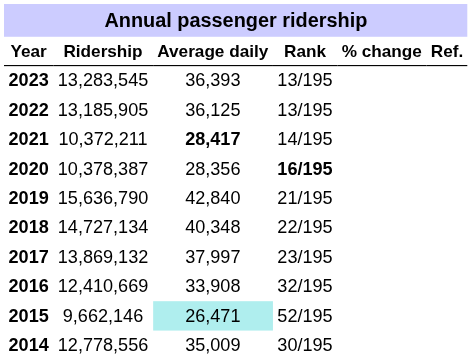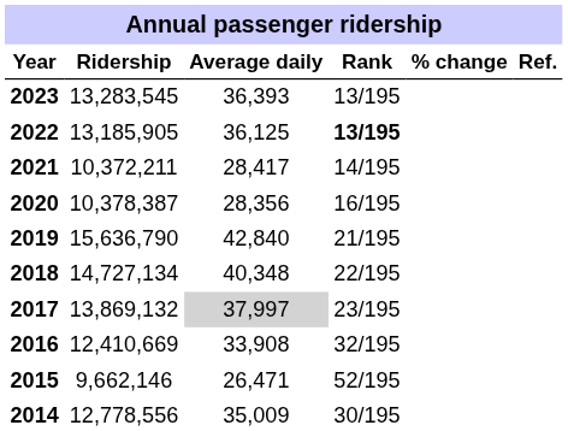 <table class="toccolours" cellpadding="4" cellspacing="0" style="text-align:right;">
 <tr>
 <th colspan="6"  style="background-color:#ccf; background-color:#ccf; font-size:110%; text-align:center;">Annual passenger ridership</th>
 </tr>
 <tr style="font-size:95%; text-align:center">
 <th style="border-bottom:1px solid black">Year</th>
 <th style="border-bottom:1px solid black">Ridership</th>
 <th style="border-bottom:1px solid black">Average daily</th>
 <th style="border-bottom:1px solid black">Rank</th>
 <th style="border-bottom:1px solid black">% change</th>
 <th style="border-bottom:1px solid black">Ref.</th>
 </tr>
 <tr style="text-align:center;">
 <td><strong>2023</strong></td>
 <td>13,283,545</td>
 <td>36,393</td>
 <td>13/195</td>
 <td></td>
 <td></td>
 </tr>
 <tr>
 </tr>
 <tr style="text-align:center;">
 <td><strong>2022</strong></td>
 <td>13,185,905</td>
 <td>36,125</td>
-<td>13/195</td>
+<td><strong>13/195</strong></td>
 <td></td>
 <td></td>
 </tr>
 <tr style="text-align:center;">
 <td><strong>2021</strong></td>
 <td>10,372,211</td>
-<td><strong>28,417</strong></td>
+<td>28,417</td>
 <td>14/195</td>
 <td></td>
 <td></td>
 </tr>
 <tr style="text-align:center;">
 <td><strong>2020</strong></td>
 <td>10,378,387</td>
 <td>28,356</td>
-<td><strong>16/195</strong></td>
+<td>16/195</td>
 <td></td>
 <td></td>
 </tr>
 <tr style="text-align:center;">
 <td><strong>2019</strong></td>
 <td>15,636,790</td>
 <td>42,840</td>
 <td>21/195</td>
 <td></td>
 <td></td>
 </tr>
 <tr style="text-align:center;">
 <td><strong>2018</strong></td>
 <td>14,727,134</td>
 <td>40,348</td>
 <td>22/195</td>
 <td></td>
 <td></td>
 </tr>
 <tr style="text-align:center;">
 <td><strong>2017</strong></td>
 <td>13,869,132</td>
-<td>37,997</td>
+<td style="background: lightgrey;">37,997</td>
 <td>23/195</td>
 <td></td>
 <td></td>
 </tr>
 <tr style="text-align:center;">
 <td><strong>2016</strong></td>
 <td>12,410,669</td>
 <td>33,908</td>
 <td>32/195</td>
 <td></td>
 <td></td>
 </tr>
 <tr style="text-align:center;">
 <td><strong>2015</strong></td>
 <td>9,662,146</td>
-<td style="background: paleturquoise;">26,471</td>
+<td>26,471</td>
 <td>52/195</td>
 <td></td>
 <td></td>
 </tr>
 <tr style="text-align:center;">
 <td><strong>2014</strong></td>
 <td>12,778,556</td>
 <td>35,009</td>
 <td>30/195</td>
 <td></td>
 <td></td>
 </tr>
 </table>
